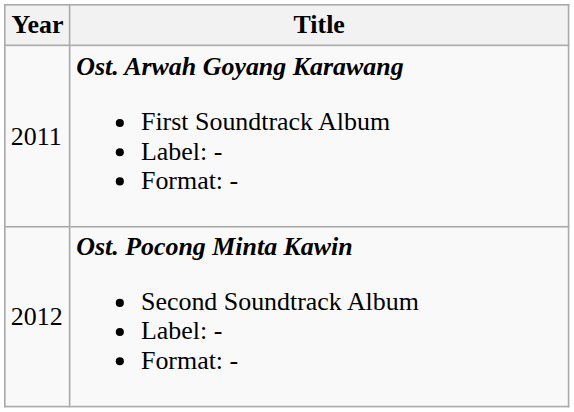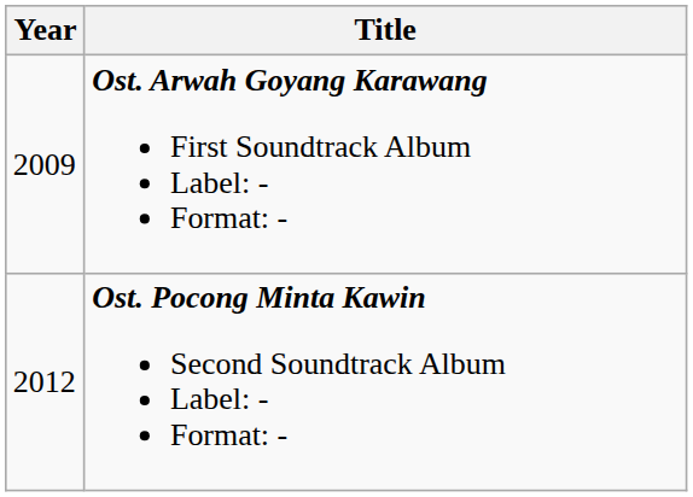 <table class="wikitable">
 <tr>
 <th rowspan="1" style="width:33px;">Year</th>
 <th rowspan="1" style="width:300px;">Title</th>
 </tr>
 <tr>
-<td>2011</td>
+<td>2009</td>
 <td><strong><em>Ost. Arwah Goyang Karawang</em></strong><br><ul><li>First Soundtrack Album</li><li>Label: -</li><li>Format: -</li></ul></td>
 </tr>
 <tr>
 <td>2012</td>
 <td><strong><em>Ost. Pocong Minta Kawin</em></strong><br><ul><li>Second Soundtrack Album</li><li>Label: -</li><li>Format: -</li></ul></td>
 </tr>
 </table>
